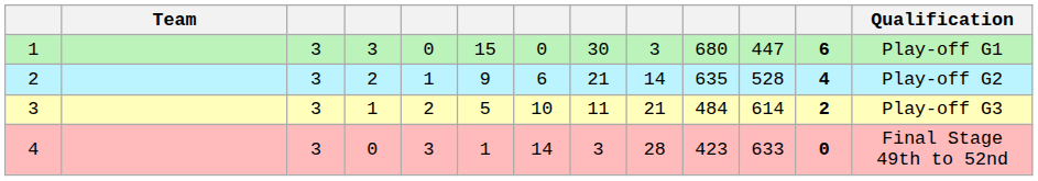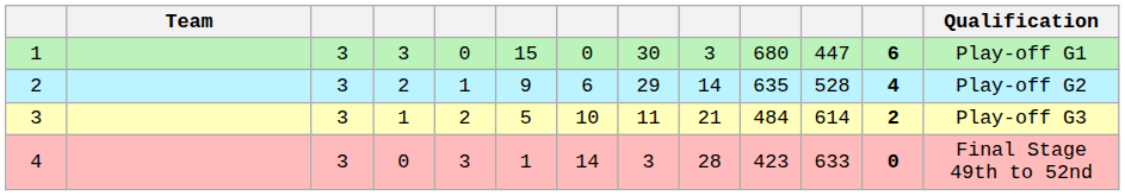 <table class=wikitable style="text-align:center" width=730>
 <tr>
 <th width=5.5%></th>
 <th width=22%>Team</th>
 <th width=5.5%></th>
 <th width=5.5%></th>
 <th width=5.5%></th>
 <th width=5.5%></th>
 <th width=5.5%></th>
 <th width=5.5%></th>
 <th width=5.5%></th>
 <th width=5.5%></th>
 <th width=5.5%></th>
 <th width=5.5%></th>
 <th width=18%>Qualification</th>
 </tr>
 <tr bgcolor=#bbf3bb>
 <td>1</td>
 <td style="text-align:left"></td>
 <td>3</td>
 <td>3</td>
 <td>0</td>
 <td>15</td>
 <td>0</td>
 <td>30</td>
 <td>3</td>
 <td>680</td>
 <td>447</td>
 <td><strong>6</strong></td>
 <td>Play-off G1</td>
 </tr>
 <tr bgcolor=#bbf3ff>
 <td>2</td>
 <td style="text-align:left"></td>
 <td>3</td>
 <td>2</td>
 <td>1</td>
 <td>9</td>
 <td>6</td>
-<td>21</td>
+<td>29</td>
 <td>14</td>
 <td>635</td>
 <td>528</td>
 <td><strong>4</strong></td>
 <td>Play-off G2</td>
 </tr>
 <tr bgcolor=#ffffbb>
 <td>3</td>
 <td style="text-align:left"></td>
 <td>3</td>
 <td>1</td>
 <td>2</td>
 <td>5</td>
 <td>10</td>
 <td>11</td>
 <td>21</td>
 <td>484</td>
 <td>614</td>
 <td><strong>2</strong></td>
 <td>Play-off G3</td>
 </tr>
 <tr bgcolor=#ffbbbb>
 <td>4</td>
 <td style="text-align:left"></td>
 <td>3</td>
 <td>0</td>
 <td>3</td>
 <td>1</td>
 <td>14</td>
 <td>3</td>
 <td>28</td>
 <td>423</td>
 <td>633</td>
 <td><strong>0</strong></td>
 <td>Final Stage 49th to 52nd</td>
 </tr>
 </table>
